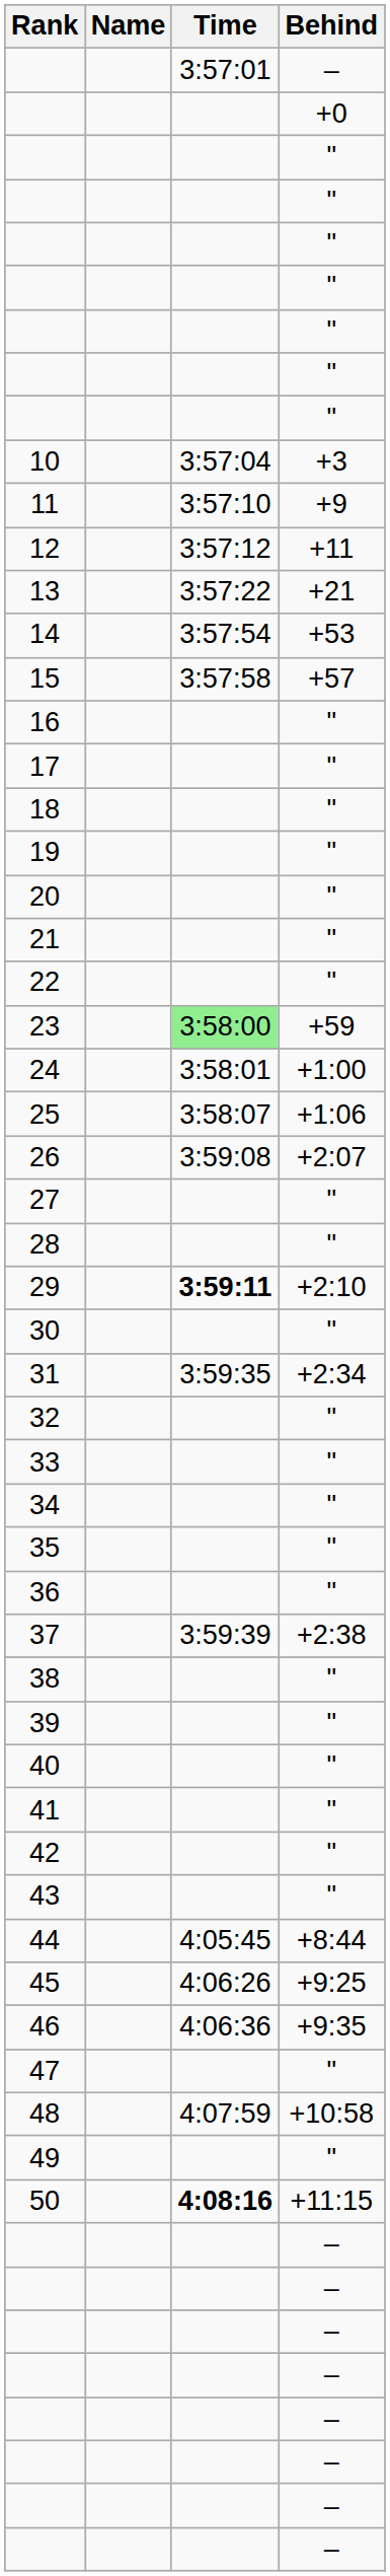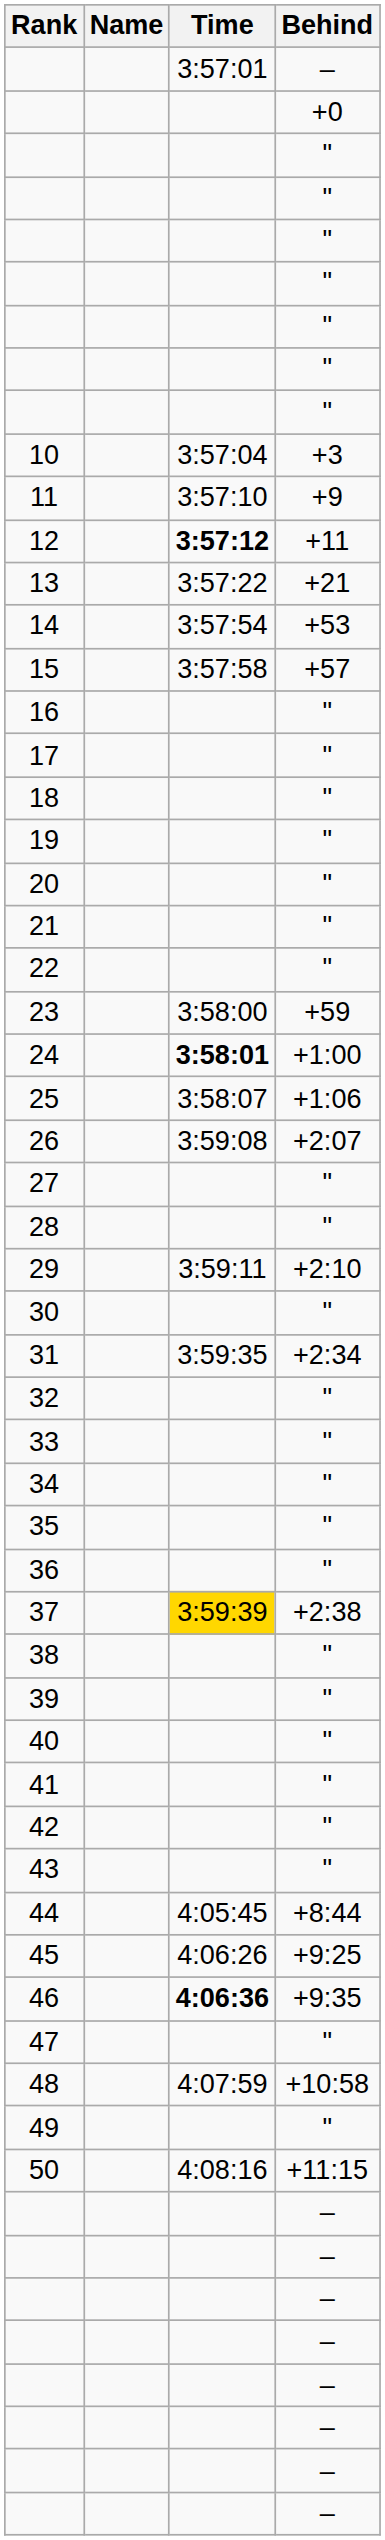 <table class="wikitable" style="text-align:center">
 <tr>
 <th>Rank</th>
 <th>Name</th>
 <th>Time</th>
 <th>Behind</th>
 </tr>
 <tr>
 <td></td>
 <td align=left></td>
 <td>3:57:01</td>
 <td>–</td>
 </tr>
 <tr>
 <td></td>
 <td align=left></td>
 <td></td>
 <td>+0</td>
 </tr>
 <tr>
 <td></td>
 <td align=left></td>
 <td></td>
 <td>"</td>
 </tr>
 <tr>
 <td></td>
 <td align=left></td>
 <td></td>
 <td>"</td>
 </tr>
 <tr>
 <td></td>
 <td align=left></td>
 <td></td>
 <td>"</td>
 </tr>
 <tr>
 <td></td>
 <td align=left></td>
 <td></td>
 <td>"</td>
 </tr>
 <tr>
 <td></td>
 <td align=left></td>
 <td></td>
 <td>"</td>
 </tr>
 <tr>
 <td></td>
 <td align=left></td>
 <td></td>
 <td>"</td>
 </tr>
 <tr>
 <td></td>
 <td align=left></td>
 <td></td>
 <td>"</td>
 </tr>
 <tr>
 <td>10</td>
 <td align=left></td>
 <td>3:57:04</td>
 <td>+3</td>
 </tr>
 <tr>
 <td>11</td>
 <td align=left></td>
 <td>3:57:10</td>
 <td>+9</td>
 </tr>
 <tr>
 <td>12</td>
 <td align=left></td>
-<td>3:57:12</td>
+<td><strong>3:57:12</strong></td>
 <td>+11</td>
 </tr>
 <tr>
 <td>13</td>
 <td align=left></td>
 <td>3:57:22</td>
 <td>+21</td>
 </tr>
 <tr>
 <td>14</td>
 <td align=left></td>
 <td>3:57:54</td>
 <td>+53</td>
 </tr>
 <tr>
 <td>15</td>
 <td align=left></td>
 <td>3:57:58</td>
 <td>+57</td>
 </tr>
 <tr>
 <td>16</td>
 <td align=left></td>
 <td></td>
 <td>"</td>
 </tr>
 <tr>
 <td>17</td>
 <td align=left></td>
 <td></td>
 <td>"</td>
 </tr>
 <tr>
 <td>18</td>
 <td align=left></td>
 <td></td>
 <td>"</td>
 </tr>
 <tr>
 <td>19</td>
 <td align=left></td>
 <td></td>
 <td>"</td>
 </tr>
 <tr>
 <td>20</td>
 <td align=left></td>
 <td></td>
 <td>"</td>
 </tr>
 <tr>
 <td>21</td>
 <td align=left></td>
 <td></td>
 <td>"</td>
 </tr>
 <tr>
 <td>22</td>
 <td align=left></td>
 <td></td>
 <td>"</td>
 </tr>
 <tr>
 <td>23</td>
 <td align=left></td>
-<td style="background: lightgreen;">3:58:00</td>
+<td>3:58:00</td>
 <td>+59</td>
 </tr>
 <tr>
 <td>24</td>
 <td align=left></td>
-<td>3:58:01</td>
+<td><strong>3:58:01</strong></td>
 <td>+1:00</td>
 </tr>
 <tr>
 <td>25</td>
 <td align=left></td>
 <td>3:58:07</td>
 <td>+1:06</td>
 </tr>
 <tr>
 <td>26</td>
 <td align=left></td>
 <td>3:59:08</td>
 <td>+2:07</td>
 </tr>
 <tr>
 <td>27</td>
 <td align=left></td>
 <td></td>
 <td>"</td>
 </tr>
 <tr>
 <td>28</td>
 <td align=left></td>
 <td></td>
 <td>"</td>
 </tr>
 <tr>
 <td>29</td>
 <td align=left></td>
-<td><strong>3:59:11</strong></td>
+<td>3:59:11</td>
 <td>+2:10</td>
 </tr>
 <tr>
 <td>30</td>
 <td align=left></td>
 <td></td>
 <td>"</td>
 </tr>
 <tr>
 <td>31</td>
 <td align=left></td>
 <td>3:59:35</td>
 <td>+2:34</td>
 </tr>
 <tr>
 <td>32</td>
 <td align=left></td>
 <td></td>
 <td>"</td>
 </tr>
 <tr>
 <td>33</td>
 <td align=left></td>
 <td></td>
 <td>"</td>
 </tr>
 <tr>
 <td>34</td>
 <td align=left></td>
 <td></td>
 <td>"</td>
 </tr>
 <tr>
 <td>35</td>
 <td align=left></td>
 <td></td>
 <td>"</td>
 </tr>
 <tr>
 <td>36</td>
 <td align=left></td>
 <td></td>
 <td>"</td>
 </tr>
 <tr>
 <td>37</td>
 <td align=left></td>
-<td>3:59:39</td>
+<td style="background: gold;">3:59:39</td>
 <td>+2:38</td>
 </tr>
 <tr>
 <td>38</td>
 <td align=left></td>
 <td></td>
 <td>"</td>
 </tr>
 <tr>
 <td>39</td>
 <td align=left></td>
 <td></td>
 <td>"</td>
 </tr>
 <tr>
 <td>40</td>
 <td align=left></td>
 <td></td>
 <td>"</td>
 </tr>
 <tr>
 <td>41</td>
 <td align=left></td>
 <td></td>
 <td>"</td>
 </tr>
 <tr>
 <td>42</td>
 <td align=left></td>
 <td></td>
 <td>"</td>
 </tr>
 <tr>
 <td>43</td>
 <td align=left></td>
 <td></td>
 <td>"</td>
 </tr>
 <tr>
 <td>44</td>
 <td align=left></td>
 <td>4:05:45</td>
 <td>+8:44</td>
 </tr>
 <tr>
 <td>45</td>
 <td align=left></td>
 <td>4:06:26</td>
 <td>+9:25</td>
 </tr>
 <tr>
 <td>46</td>
 <td align=left></td>
-<td>4:06:36</td>
+<td><strong>4:06:36</strong></td>
 <td>+9:35</td>
 </tr>
 <tr>
 <td>47</td>
 <td align=left></td>
 <td></td>
 <td>"</td>
 </tr>
 <tr>
 <td>48</td>
 <td align=left></td>
 <td>4:07:59</td>
 <td>+10:58</td>
 </tr>
 <tr>
 <td>49</td>
 <td align=left></td>
 <td></td>
 <td>"</td>
 </tr>
 <tr>
 <td>50</td>
 <td align=left></td>
-<td><strong>4:08:16</strong></td>
+<td>4:08:16</td>
 <td>+11:15</td>
 </tr>
 <tr>
 <td></td>
 <td align=left></td>
 <td></td>
 <td>–</td>
 </tr>
 <tr>
 <td></td>
 <td align=left></td>
 <td></td>
 <td>–</td>
 </tr>
 <tr>
 <td></td>
 <td align=left></td>
 <td></td>
 <td>–</td>
 </tr>
 <tr>
 <td></td>
 <td align=left></td>
 <td></td>
 <td>–</td>
 </tr>
 <tr>
 <td></td>
 <td align=left></td>
 <td></td>
 <td>–</td>
 </tr>
 <tr>
 <td></td>
 <td align=left></td>
 <td></td>
 <td>–</td>
 </tr>
 <tr>
 <td></td>
 <td align=left></td>
 <td></td>
 <td>–</td>
 </tr>
 <tr>
 <td></td>
 <td align=left></td>
 <td></td>
 <td>–</td>
 </tr>
 </table>
